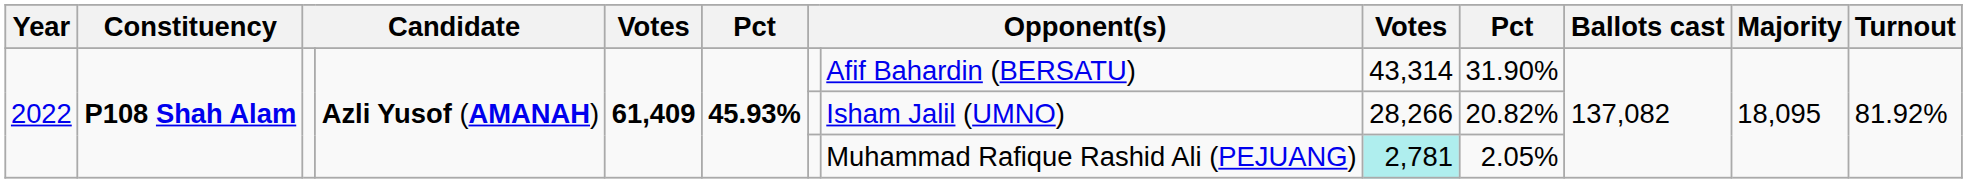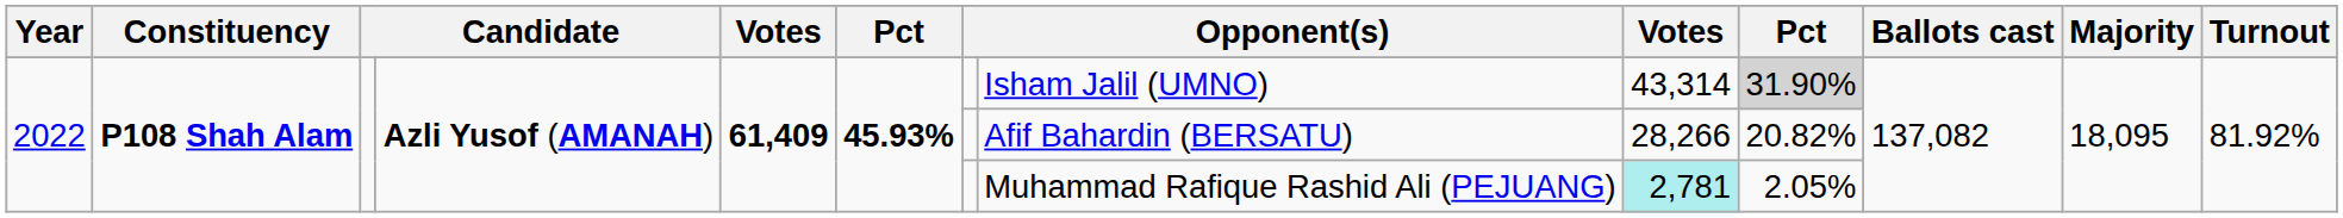 <table class="wikitable" style="margin:0.5em ; font-size:95%">
 <tr>
 <th>Year</th>
 <th>Constituency</th>
 <th colspan=2>Candidate</th>
 <th>Votes</th>
 <th>Pct</th>
 <th colspan=2>Opponent(s)</th>
 <th>Votes</th>
 <th>Pct</th>
 <th>Ballots cast</th>
 <th>Majority</th>
 <th>Turnout</th>
 </tr>
 <tr>
 <td rowspan="3"><a href='#'>2022</a></td>
 <td rowspan="3"><strong>P108 <a href='#'>Shah Alam</a></strong></td>
 <td rowspan="3" ></td>
 <td rowspan="3"><strong>Azli Yusof</strong> (<a href='#'><strong>AMANAH</strong></a>)</td>
 <td rowspan="3" align=right><strong>61,409</strong></td>
 <td rowspan="3"><strong>45.93%</strong></td>
 <td bgcolor=></td>
-<td><a href='#'>Afif Bahardin</a> (<a href='#'>BERSATU</a>)</td>
+<td><a href='#'>Isham Jalil</a> (<a href='#'>UMNO</a>)</td>
 <td align="right">43,314</td>
-<td>31.90%</td>
+<td style="background: lightgrey;">31.90%</td>
 <td rowspan=3>137,082</td>
 <td rowspan=3>18,095</td>
 <td rowspan=3>81.92%</td>
 </tr>
 <tr>
 <td></td>
-<td><a href='#'>Isham Jalil</a> (<a href='#'>UMNO</a>)</td>
+<td><a href='#'>Afif Bahardin</a> (<a href='#'>BERSATU</a>)</td>
 <td align="right">28,266</td>
 <td>20.82%</td>
 </tr>
 <tr>
 <td></td>
 <td>Muhammad Rafique Rashid Ali (<a href='#'>PEJUANG</a>)</td>
 <td align="right" style="background: paleturquoise;">2,781</td>
 <td align="right">2.05%</td>
 </tr>
 </table>
